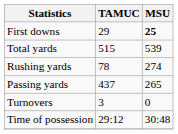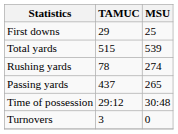 <table class="wikitable">
 <tr>
 <th>Statistics</th>
 <th>TAMUC</th>
 <th>MSU</th>
 </tr>
 <tr>
 <td>First downs</td>
 <td>29</td>
-<td><strong>25</strong></td>
+<td>25</td>
 </tr>
 <tr>
 <td>Total yards</td>
 <td>515</td>
 <td>539</td>
 </tr>
 <tr>
 <td>Rushing yards</td>
 <td>78</td>
 <td>274</td>
 </tr>
 <tr>
 <td>Passing yards</td>
 <td>437</td>
 <td>265</td>
 </tr>
 <tr>
+<td>Time of possession</td>
+<td>29:12</td>
+<td>30:48</td>
+</tr>
+<tr>
 <td>Turnovers</td>
 <td>3</td>
 <td>0</td>
 </tr>
 <tr>
-<td>Time of possession</td>
-<td>29:12</td>
-<td>30:48</td>
-</tr>
-<tr>
 </tr>
 </table>
